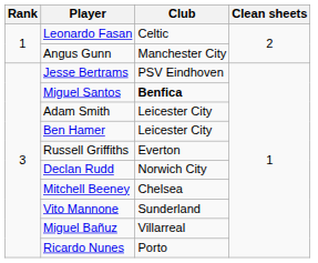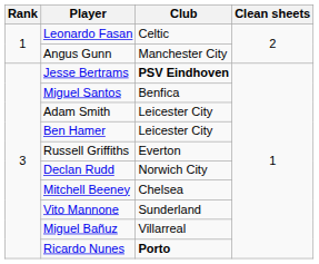 <table class="wikitable sortable" style="text-align:center">
 <tr>
 <th>Rank</th>
 <th>Player</th>
 <th>Club</th>
 <th>Clean sheets</th>
 </tr>
 <tr>
 <td rowspan="2">1</td>
 <td align="left"> <a href='#'>Leonardo Fasan</a></td>
 <td align="left">Celtic</td>
 <td rowspan="2">2</td>
 </tr>
 <tr>
 <td align="left"> Angus Gunn</td>
 <td align="left">Manchester City</td>
 </tr>
 <tr>
 <td rowspan="10">3</td>
 <td align="left"> <a href='#'>Jesse Bertrams</a></td>
-<td align="left">PSV Eindhoven</td>
+<td align="left"><strong>PSV Eindhoven</strong></td>
 <td rowspan="10">1</td>
 </tr>
 <tr>
 <td align="left"> <a href='#'>Miguel Santos</a></td>
-<td align="left"><strong>Benfica</strong></td>
+<td align="left">Benfica</td>
 </tr>
 <tr>
 <td align="left"> Adam Smith</td>
 <td align="left">Leicester City</td>
 </tr>
 <tr>
 <td align="left"> <a href='#'>Ben Hamer</a></td>
 <td align="left">Leicester City</td>
 </tr>
 <tr>
 <td align="left"> Russell Griffiths</td>
 <td align="left">Everton</td>
 </tr>
 <tr>
 <td align="left"> <a href='#'>Declan Rudd</a></td>
 <td align="left">Norwich City</td>
 </tr>
 <tr>
 <td align="left"> <a href='#'>Mitchell Beeney</a></td>
 <td align="left">Chelsea</td>
 </tr>
 <tr>
 <td align="left"> <a href='#'>Vito Mannone</a></td>
 <td align="left">Sunderland</td>
 </tr>
 <tr>
 <td align="left"> <a href='#'>Miguel Bañuz</a></td>
 <td align="left">Villarreal</td>
 </tr>
 <tr>
 <td align="left"> <a href='#'>Ricardo Nunes</a></td>
-<td align="left">Porto</td>
+<td align="left"><strong>Porto</strong></td>
 </tr>
 </table>
